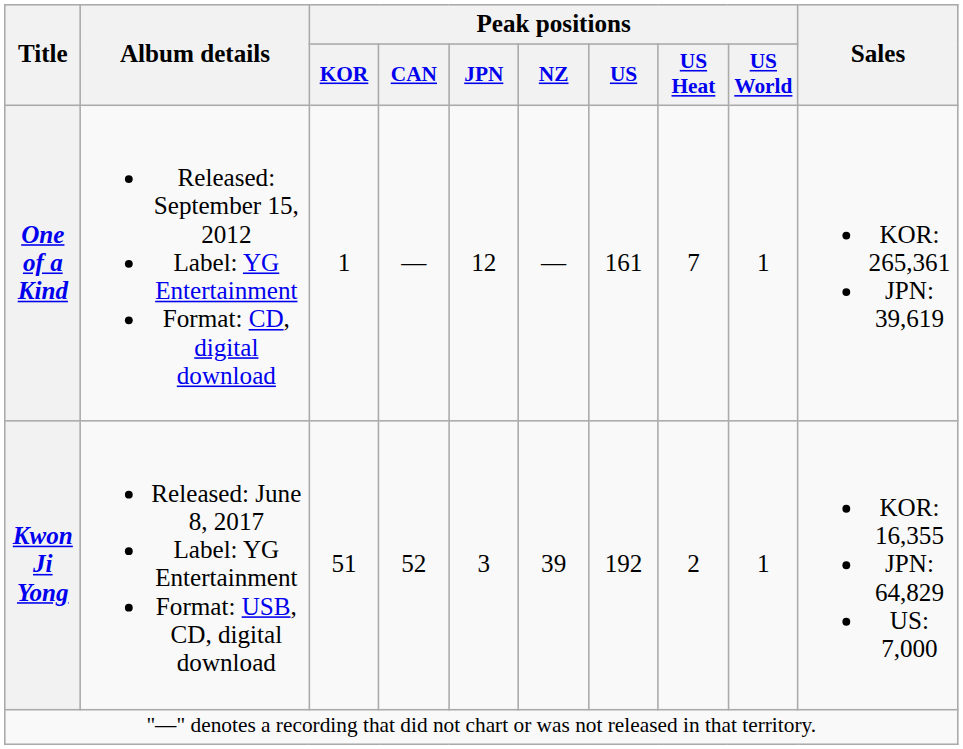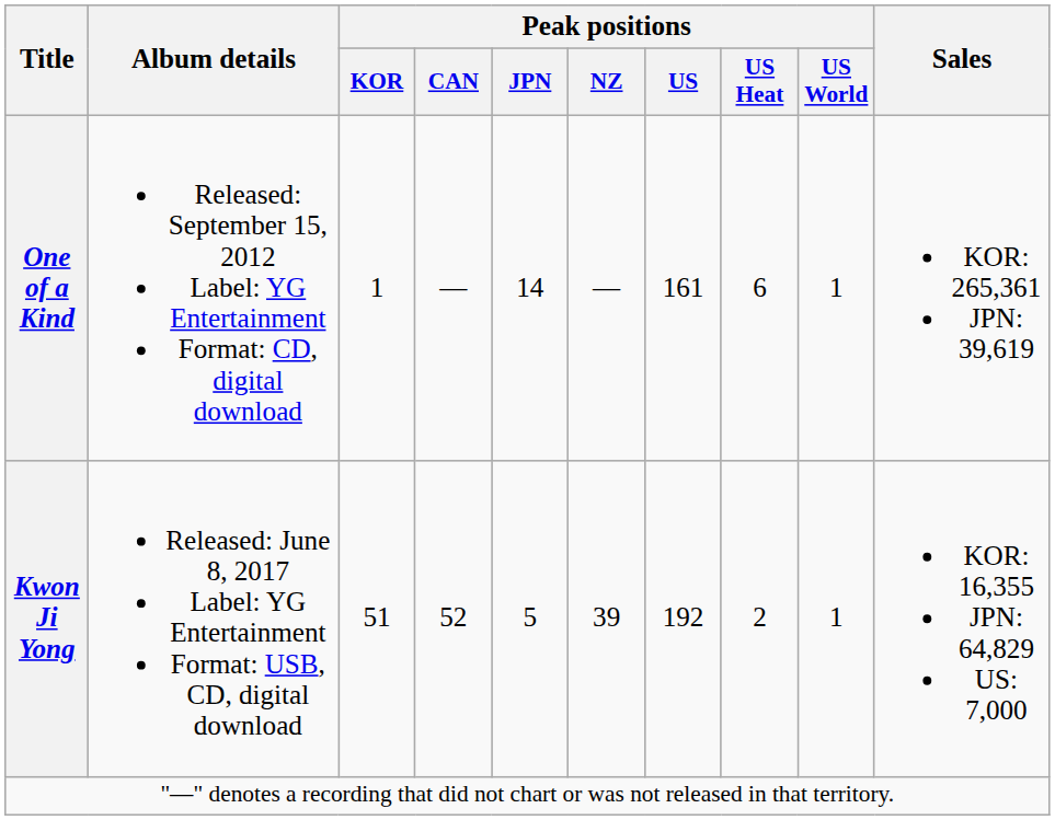 <table class="wikitable plainrowheaders" style="text-align:center;">
 <tr>
 <th scope="col" rowspan="2">Title</th>
 <th scope="col" rowspan="2">Album details</th>
 <th scope="col" colspan="7">Peak positions</th>
 <th scope="col" rowspan="2">Sales</th>
 </tr>
 <tr>
 <th scope="col" style="width:2.8em;font-size:85%;"><a href='#'>KOR</a><br></th>
 <th scope="col" style="width:2.8em;font-size:85%;"><a href='#'>CAN</a><br></th>
 <th scope="col" style="width:2.8em;font-size:85%;"><a href='#'>JPN</a><br></th>
 <th scope="col" style="width:2.8em;font-size:85%;"><a href='#'>NZ</a><br></th>
 <th scope="col" style="width:2.8em;font-size:85%;"><a href='#'>US</a><br></th>
 <th scope="col" style="width:2.8em;font-size:85%;"><a href='#'>US<br>Heat</a><br></th>
 <th scope="col" style="width:2.8em;font-size:85%;"><a href='#'>US<br>World</a><br></th>
 </tr>
 <tr>
 <th scope="row"><em><a href='#'>One of a Kind</a></em></th>
 <td><br><ul><li>Released: September 15, 2012</li><li>Label: <a href='#'>YG Entertainment</a></li><li>Format: <a href='#'>CD</a>, <a href='#'>digital download</a></li></ul></td>
 <td>1</td>
 <td>—</td>
-<td>12</td>
+<td>14</td>
 <td>—</td>
 <td>161</td>
-<td>7</td>
+<td>6</td>
 <td>1</td>
 <td><br><ul><li>KOR: 265,361</li><li>JPN: 39,619</li></ul></td>
 </tr>
 <tr>
 <th scope="row"><em><a href='#'>Kwon Ji Yong</a></em></th>
 <td><br><ul><li>Released: June 8, 2017</li><li>Label: YG Entertainment</li><li>Format: <a href='#'>USB</a>, CD, digital download</li></ul></td>
 <td>51</td>
 <td>52</td>
-<td>3</td>
+<td>5</td>
 <td>39</td>
 <td>192</td>
 <td>2</td>
 <td>1</td>
 <td><br><ul><li>KOR: 16,355</li><li>JPN: 64,829</li><li>US: 7,000</li></ul></td>
 </tr>
 <tr>
 <td colspan="11" style="font-size:85%">"—" denotes a recording that did not chart or was not released in that territory.</td>
 </tr>
 </table>
